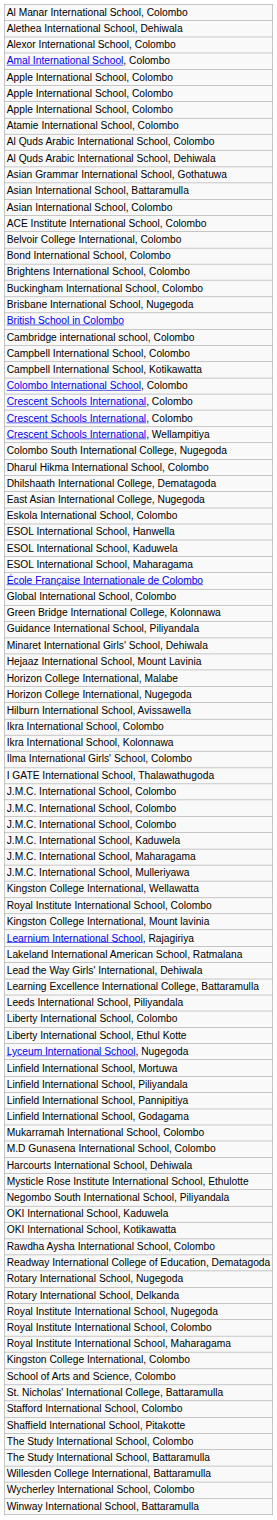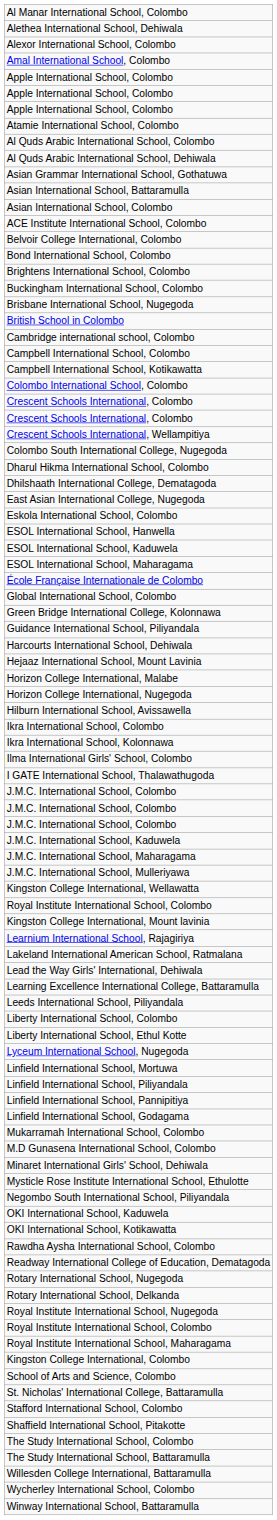 <table class="wikitable">
 <tr>
 <td>Al Manar International School, Colombo</td>
 </tr>
 <tr>
 <td>Alethea International School, Dehiwala</td>
 </tr>
 <tr>
 <td>Alexor International School, Colombo</td>
 </tr>
 <tr>
 <td><a href='#'>Amal International School</a>, Colombo</td>
 </tr>
 <tr>
 <td>Apple International School, Colombo</td>
 </tr>
 <tr>
 <td>Apple International School, Colombo</td>
 </tr>
 <tr>
 <td>Apple International School, Colombo</td>
 </tr>
 <tr>
 <td>Atamie International School, Colombo</td>
 </tr>
 <tr>
 <td>Al Quds Arabic International School, Colombo</td>
 </tr>
 <tr>
 <td>Al Quds Arabic International School, Dehiwala</td>
 </tr>
 <tr>
 <td>Asian Grammar International School, Gothatuwa</td>
 </tr>
 <tr>
 <td>Asian International School, Battaramulla</td>
 </tr>
 <tr>
 <td>Asian International School, Colombo</td>
 </tr>
 <tr>
 <td>ACE Institute International School, Colombo</td>
 </tr>
 <tr>
 <td>Belvoir College International, Colombo</td>
 </tr>
 <tr>
 <td>Bond International School, Colombo</td>
 </tr>
 <tr>
 <td>Brightens International School, Colombo</td>
 </tr>
 <tr>
 <td>Buckingham International School, Colombo</td>
 </tr>
 <tr>
 <td>Brisbane International School, Nugegoda</td>
 </tr>
 <tr>
 <td><a href='#'>British School in Colombo</a></td>
 </tr>
 <tr>
 <td>Cambridge international school, Colombo</td>
 </tr>
 <tr>
 <td>Campbell International School, Colombo</td>
 </tr>
 <tr>
 <td>Campbell International School, Kotikawatta</td>
 </tr>
 <tr>
 <td><a href='#'>Colombo International School</a>, Colombo</td>
 </tr>
 <tr>
 <td><a href='#'>Crescent Schools International</a>, Colombo</td>
 </tr>
 <tr>
 <td><a href='#'>Crescent Schools International</a>, Colombo</td>
 </tr>
 <tr>
 <td><a href='#'>Crescent Schools International</a>, Wellampitiya</td>
 </tr>
 <tr>
 <td>Colombo South International College, Nugegoda</td>
 </tr>
 <tr>
 <td>Dharul Hikma International School, Colombo</td>
 </tr>
 <tr>
 <td>Dhilshaath International College, Dematagoda</td>
 </tr>
 <tr>
 <td>East Asian International College, Nugegoda</td>
 </tr>
 <tr>
 <td>Eskola International School, Colombo</td>
 </tr>
 <tr>
 <td>ESOL International School, Hanwella</td>
 </tr>
 <tr>
 <td>ESOL International School, Kaduwela</td>
 </tr>
 <tr>
 <td>ESOL International School, Maharagama</td>
 </tr>
 <tr>
 <td><a href='#'>École Française Internationale de Colombo</a></td>
 </tr>
 <tr>
 <td>Global International School, Colombo</td>
 </tr>
 <tr>
 <td>Green Bridge International College, Kolonnawa</td>
 </tr>
 <tr>
 <td>Guidance International School, Piliyandala</td>
 </tr>
 <tr>
-<td>Minaret International Girls' School, Dehiwala</td>
+<td>Harcourts International School, Dehiwala</td>
 </tr>
 <tr>
 <td>Hejaaz International School, Mount Lavinia</td>
 </tr>
 <tr>
 <td>Horizon College International, Malabe</td>
 </tr>
 <tr>
 <td>Horizon College International, Nugegoda</td>
 </tr>
 <tr>
 <td>Hilburn International School, Avissawella</td>
 </tr>
 <tr>
 <td>Ikra International School, Colombo</td>
 </tr>
 <tr>
 <td>Ikra International School, Kolonnawa</td>
 </tr>
 <tr>
 <td>Ilma International Girls' School, Colombo</td>
 </tr>
 <tr>
 <td>I GATE International School, Thalawathugoda</td>
 </tr>
 <tr>
 <td>J.M.C. International School, Colombo</td>
 </tr>
 <tr>
 <td>J.M.C. International School, Colombo</td>
 </tr>
 <tr>
 <td>J.M.C. International School, Colombo</td>
 </tr>
 <tr>
 <td>J.M.C. International School, Kaduwela</td>
 </tr>
 <tr>
 <td>J.M.C. International School, Maharagama</td>
 </tr>
 <tr>
 <td>J.M.C. International School, Mulleriyawa</td>
 </tr>
 <tr>
 <td>Kingston College International, Wellawatta</td>
 </tr>
 <tr>
 <td>Royal Institute International School, Colombo</td>
 </tr>
 <tr>
 <td>Kingston College International, Mount lavinia</td>
 </tr>
 <tr>
 <td><a href='#'>Learnium International School</a>, Rajagiriya</td>
 </tr>
 <tr>
 <td>Lakeland International American School, Ratmalana</td>
 </tr>
 <tr>
 <td>Lead the Way Girls' International, Dehiwala</td>
 </tr>
 <tr>
 <td>Learning Excellence International College, Battaramulla</td>
 </tr>
 <tr>
 <td>Leeds International School, Piliyandala</td>
 </tr>
 <tr>
 <td>Liberty International School, Colombo</td>
 </tr>
 <tr>
 <td>Liberty International School, Ethul Kotte</td>
 </tr>
 <tr>
 <td><a href='#'>Lyceum International School</a>, Nugegoda</td>
 </tr>
 <tr>
 <td>Linfield International School, Mortuwa</td>
 </tr>
 <tr>
 <td>Linfield International School, Piliyandala</td>
 </tr>
 <tr>
 <td>Linfield International School, Pannipitiya</td>
 </tr>
 <tr>
 <td>Linfield International School, Godagama</td>
 </tr>
 <tr>
 <td>Mukarramah International School, Colombo</td>
 </tr>
 <tr>
 <td>M.D Gunasena International School, Colombo</td>
 </tr>
 <tr>
-<td>Harcourts International School, Dehiwala</td>
+<td>Minaret International Girls' School, Dehiwala</td>
 </tr>
 <tr>
 <td>Mysticle Rose Institute International School, Ethulotte</td>
 </tr>
 <tr>
 <td>Negombo South International School, Piliyandala</td>
 </tr>
 <tr>
 <td>OKI International School, Kaduwela</td>
 </tr>
 <tr>
 <td>OKI International School, Kotikawatta</td>
 </tr>
 <tr>
 <td>Rawdha Aysha International School, Colombo</td>
 </tr>
 <tr>
 <td>Readway International College of Education, Dematagoda</td>
 </tr>
 <tr>
 <td>Rotary International School, Nugegoda</td>
 </tr>
 <tr>
 <td>Rotary International School, Delkanda</td>
 </tr>
 <tr>
 <td>Royal Institute International School, Nugegoda</td>
 </tr>
 <tr>
 <td>Royal Institute International School, Colombo</td>
 </tr>
 <tr>
 <td>Royal Institute International School, Maharagama</td>
 </tr>
 <tr>
 <td>Kingston College International, Colombo</td>
 </tr>
 <tr>
 <td>School of Arts and Science, Colombo</td>
 </tr>
 <tr>
 <td>St. Nicholas' International College, Battaramulla</td>
 </tr>
 <tr>
 <td>Stafford International School, Colombo</td>
 </tr>
 <tr>
 <td>Shaffield International School, Pitakotte</td>
 </tr>
 <tr>
 <td>The Study International School, Colombo</td>
 </tr>
 <tr>
 <td>The Study International School, Battaramulla</td>
 </tr>
 <tr>
 <td>Willesden College International, Battaramulla</td>
 </tr>
 <tr>
 <td>Wycherley International School, Colombo</td>
 </tr>
 <tr>
 <td>Winway International School, Battaramulla</td>
 </tr>
 </table>
